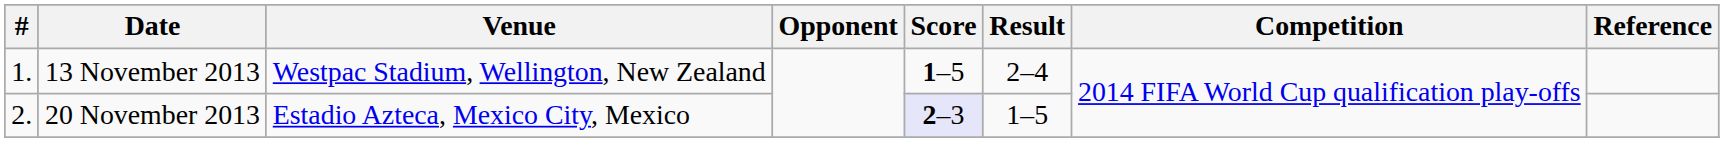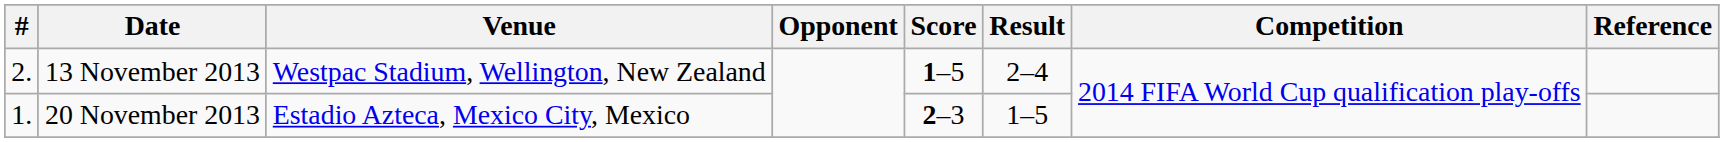 <table class="wikitable">
 <tr>
 <th>#</th>
 <th>Date</th>
 <th>Venue</th>
 <th>Opponent</th>
 <th>Score</th>
 <th>Result</th>
 <th>Competition</th>
 <th>Reference</th>
 </tr>
 <tr>
-<td>1.</td>
+<td>2.</td>
 <td>13 November 2013</td>
 <td><a href='#'>Westpac Stadium</a>, <a href='#'>Wellington</a>, New Zealand</td>
 <td rowspan="2"></td>
 <td align=center><strong>1</strong>–5</td>
 <td align=center>2–4</td>
 <td rowspan="2"><a href='#'>2014 FIFA World Cup qualification play-offs</a></td>
 <td></td>
 </tr>
 <tr>
-<td>2.</td>
+<td>1.</td>
 <td>20 November 2013</td>
 <td><a href='#'>Estadio Azteca</a>, <a href='#'>Mexico City</a>, Mexico</td>
-<td align=center style="background: lavender;"><strong>2</strong>–3</td>
+<td align=center><strong>2</strong>–3</td>
 <td align=center>1–5</td>
 <td></td>
 </tr>
 </table>
